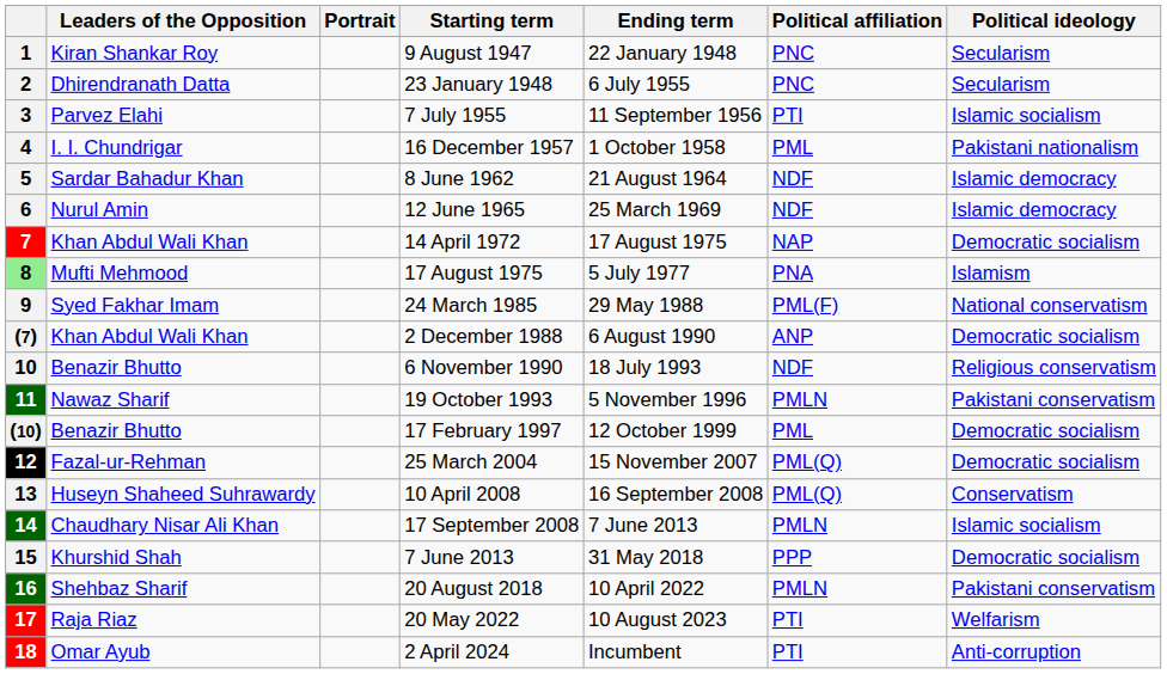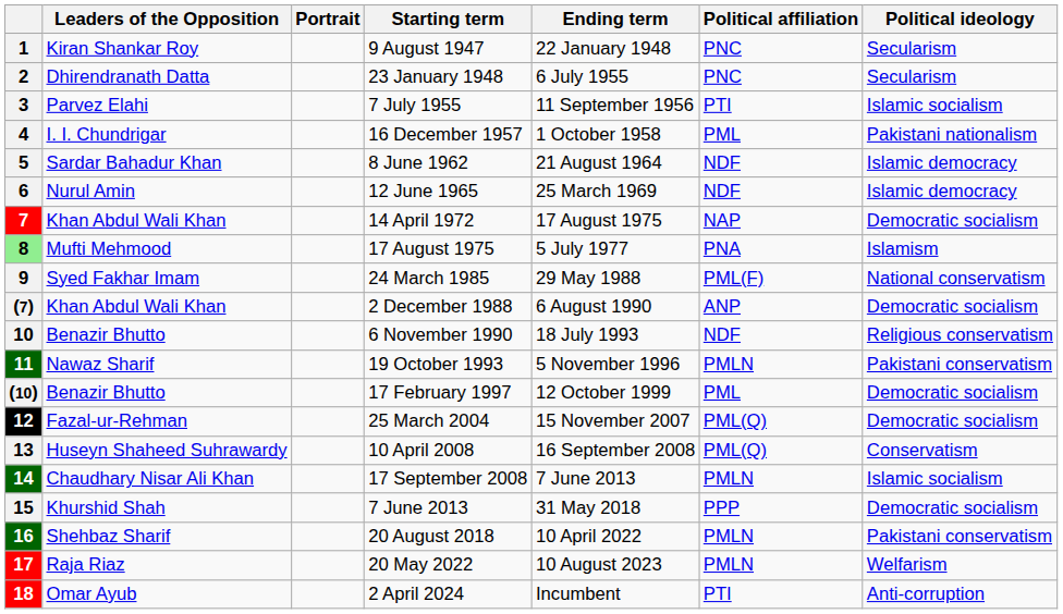 <table class="wikitable">
 <tr>
 <th></th>
 <th>Leaders of the Opposition</th>
 <th>Portrait</th>
 <th>Starting term</th>
 <th>Ending term</th>
 <th>Political affiliation</th>
 <th>Political ideology</th>
 </tr>
 <tr>
 <th style="background-color:">1</th>
 <td><a href='#'>Kiran Shankar Roy</a></td>
 <td></td>
 <td>9 August 1947</td>
 <td>22 January 1948</td>
 <td><a href='#'>PNC</a></td>
 <td><a href='#'>Secularism</a></td>
 </tr>
 <tr>
 <th style="background-color:">2</th>
 <td><a href='#'>Dhirendranath Datta</a></td>
 <td></td>
 <td>23 January 1948</td>
 <td>6 July 1955</td>
 <td><a href='#'>PNC</a></td>
 <td><a href='#'>Secularism</a></td>
 </tr>
 <tr>
 <th style="background-color:">3</th>
 <td><a href='#'>Parvez Elahi</a></td>
 <td></td>
 <td>7 July 1955</td>
 <td>11 September 1956</td>
 <td><a href='#'>PTI</a></td>
 <td><a href='#'>Islamic socialism</a></td>
 </tr>
 <tr>
 <th style="background-color:">4</th>
 <td><a href='#'>I. I. Chundrigar</a></td>
 <td></td>
 <td>16 December 1957</td>
 <td>1 October 1958</td>
 <td><a href='#'>PML</a></td>
 <td><a href='#'>Pakistani nationalism</a></td>
 </tr>
 <tr>
 <th style="background-color:">5</th>
 <td><a href='#'>Sardar Bahadur Khan</a></td>
 <td></td>
 <td>8 June 1962</td>
 <td>21 August 1964</td>
 <td><a href='#'>NDF</a></td>
 <td><a href='#'>Islamic democracy</a></td>
 </tr>
 <tr>
 <th style="background-color:">6</th>
 <td><a href='#'>Nurul Amin</a></td>
 <td></td>
 <td>12 June 1965</td>
 <td>25 March 1969</td>
 <td><a href='#'>NDF</a></td>
 <td><a href='#'>Islamic democracy</a></td>
 </tr>
 <tr>
 <th style="background-color:red; color:white">7</th>
 <td><a href='#'>Khan Abdul Wali Khan</a></td>
 <td></td>
 <td>14 April 1972</td>
 <td>17 August 1975</td>
 <td><a href='#'>NAP</a></td>
 <td><a href='#'>Democratic socialism</a></td>
 </tr>
 <tr>
 <th style="background-color:LightGreen">8</th>
 <td><a href='#'>Mufti Mehmood</a></td>
 <td></td>
 <td>17 August 1975</td>
 <td>5 July 1977</td>
 <td><a href='#'>PNA</a></td>
 <td><a href='#'>Islamism</a></td>
 </tr>
 <tr>
 <th style="background-color:">9</th>
 <td><a href='#'>Syed Fakhar Imam</a></td>
 <td></td>
 <td>24 March 1985</td>
 <td>29 May 1988</td>
 <td><a href='#'>PML(F)</a></td>
 <td><a href='#'>National conservatism</a></td>
 </tr>
 <tr>
 <th style="background-color:">(<small>7</small>)</th>
 <td><a href='#'>Khan Abdul Wali Khan</a></td>
 <td></td>
 <td>2 December 1988</td>
 <td>6 August 1990</td>
 <td><a href='#'>ANP</a></td>
 <td><a href='#'>Democratic socialism</a></td>
 </tr>
 <tr>
 <th style="background-color:">10</th>
 <td><a href='#'>Benazir Bhutto</a></td>
 <td></td>
 <td>6 November 1990</td>
 <td>18 July 1993</td>
 <td><a href='#'>NDF</a></td>
 <td><a href='#'>Religious conservatism</a></td>
 </tr>
 <tr>
 <th style="background-color:DarkGreen; color:white">11</th>
 <td><a href='#'>Nawaz Sharif</a></td>
 <td></td>
 <td>19 October 1993</td>
 <td>5 November 1996</td>
 <td><a href='#'>PMLN</a></td>
 <td><a href='#'>Pakistani conservatism</a></td>
 </tr>
 <tr>
 <th style="background-color:">(<small>10</small>)</th>
 <td><a href='#'>Benazir Bhutto</a></td>
 <td></td>
 <td>17 February 1997</td>
 <td>12 October 1999</td>
 <td><a href='#'>PML</a></td>
 <td><a href='#'>Democratic socialism</a></td>
 </tr>
 <tr>
 <th style="background-color:Black; color:white">12</th>
 <td><a href='#'>Fazal-ur-Rehman</a></td>
 <td></td>
 <td>25 March 2004</td>
 <td>15 November 2007</td>
 <td><a href='#'>PML(Q)</a></td>
 <td><a href='#'>Democratic socialism</a></td>
 </tr>
 <tr>
 <th style="background-color:">13</th>
 <td><a href='#'>Huseyn Shaheed Suhrawardy</a></td>
 <td></td>
 <td>10 April 2008</td>
 <td>16 September 2008</td>
 <td><a href='#'>PML(Q)</a></td>
 <td><a href='#'>Conservatism</a></td>
 </tr>
 <tr>
 <th style="background-color:DarkGreen; color:white">14</th>
 <td><a href='#'>Chaudhary Nisar Ali Khan</a></td>
 <td></td>
 <td>17 September 2008</td>
 <td>7 June 2013</td>
 <td><a href='#'>PMLN</a></td>
 <td><a href='#'>Islamic socialism</a></td>
 </tr>
 <tr>
 <th style="background-color:">15</th>
 <td><a href='#'>Khurshid Shah</a></td>
 <td></td>
 <td>7 June 2013</td>
 <td>31 May 2018</td>
 <td><a href='#'>PPP</a></td>
 <td><a href='#'>Democratic socialism</a></td>
 </tr>
 <tr>
 <th style="background-color:DarkGreen; color:white">16</th>
 <td><a href='#'>Shehbaz Sharif</a></td>
 <td></td>
 <td>20 August 2018</td>
 <td>10 April 2022</td>
 <td><a href='#'>PMLN</a></td>
 <td><a href='#'>Pakistani conservatism</a></td>
 </tr>
 <tr>
 <th style="background-color:red; color:white">17</th>
 <td><a href='#'>Raja Riaz</a></td>
 <td></td>
 <td>20 May 2022</td>
 <td>10 August 2023</td>
-<td><a href='#'>PTI</a></td>
+<td><a href='#'>PMLN</a></td>
 <td><a href='#'>Welfarism</a></td>
 </tr>
 <tr>
 <th style="background-color:red; color:white">18</th>
 <td><a href='#'>Omar Ayub</a></td>
 <td></td>
 <td>2 April 2024</td>
 <td>Incumbent</td>
 <td><a href='#'>PTI</a></td>
 <td><a href='#'>Anti-corruption</a></td>
 </tr>
 </table>
